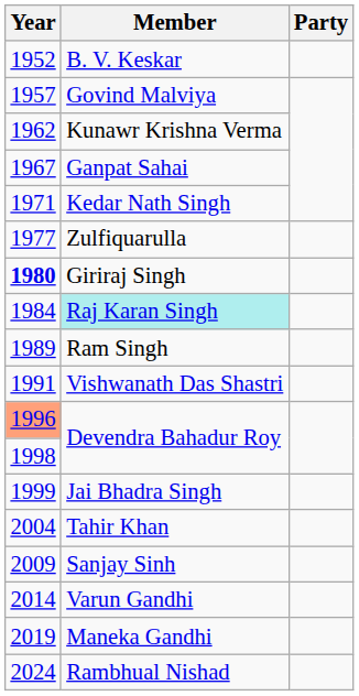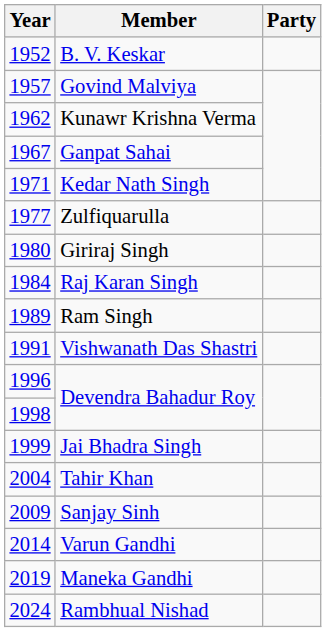 <table class="wikitable sortable">
 <tr>
 <th>Year</th>
 <th>Member</th>
 <th colspan="2">Party</th>
 </tr>
 <tr>
 <td><a href='#'>1952</a></td>
 <td><a href='#'>B. V. Keskar</a></td>
 <td></td>
 </tr>
 <tr>
 <td><a href='#'>1957</a></td>
 <td><a href='#'>Govind Malviya</a></td>
 </tr>
 <tr>
 <td><a href='#'>1962</a></td>
 <td>Kunawr Krishna Verma</td>
 </tr>
 <tr>
 <td><a href='#'>1967</a></td>
 <td><a href='#'>Ganpat Sahai</a></td>
 </tr>
 <tr>
 <td><a href='#'>1971</a></td>
 <td><a href='#'>Kedar Nath Singh</a></td>
 </tr>
 <tr>
 <td><a href='#'>1977</a></td>
 <td>Zulfiquarulla</td>
 <td></td>
 </tr>
 <tr>
-<td><strong><a href='#'>1980</a></strong></td>
+<td><a href='#'>1980</a></td>
 <td>Giriraj Singh</td>
 <td></td>
 </tr>
 <tr>
 <td><a href='#'>1984</a></td>
-<td style="background: paleturquoise;"><a href='#'>Raj Karan Singh</a></td>
+<td><a href='#'>Raj Karan Singh</a></td>
 <td></td>
 </tr>
 <tr>
 <td><a href='#'>1989</a></td>
 <td>Ram Singh</td>
 <td></td>
 </tr>
 <tr>
 <td><a href='#'>1991</a></td>
 <td><a href='#'>Vishwanath Das Shastri</a></td>
 <td></td>
 </tr>
 <tr>
-<td style="background: lightsalmon;"><a href='#'>1996</a></td>
+<td><a href='#'>1996</a></td>
 <td rowspan="2"><a href='#'>Devendra Bahadur Roy</a></td>
 </tr>
 <tr>
 <td><a href='#'>1998</a></td>
 </tr>
 <tr>
 <td><a href='#'>1999</a></td>
 <td><a href='#'>Jai Bhadra Singh</a></td>
 <td></td>
 </tr>
 <tr>
 <td><a href='#'>2004</a></td>
 <td><a href='#'>Tahir Khan</a></td>
 </tr>
 <tr>
 <td><a href='#'>2009</a></td>
 <td><a href='#'>Sanjay Sinh</a></td>
 <td></td>
 </tr>
 <tr>
 <td><a href='#'>2014</a></td>
 <td><a href='#'>Varun Gandhi</a></td>
 <td></td>
 </tr>
 <tr>
 <td><a href='#'>2019</a></td>
 <td><a href='#'>Maneka Gandhi</a></td>
 </tr>
 <tr>
 <td><a href='#'>2024</a></td>
 <td><a href='#'>Rambhual Nishad</a></td>
 <td></td>
 </tr>
 </table>
